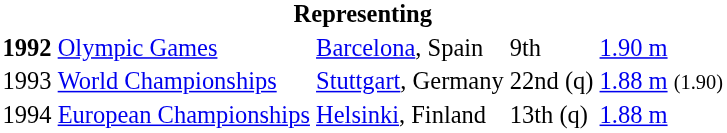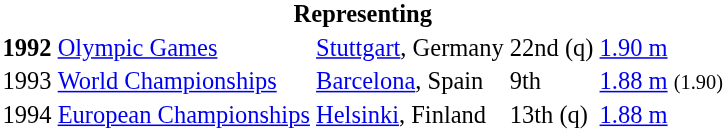 <table>
 <tr>
 <th colspan="6">Representing </th>
 </tr>
 <tr>
 <td><strong>1992</strong></td>
 <td><a href='#'>Olympic Games</a></td>
-<td><a href='#'>Barcelona</a>, Spain</td>
-<td>9th</td>
+<td><a href='#'>Stuttgart</a>, Germany</td>
+<td>22nd (q)</td>
 <td><a href='#'>1.90 m</a></td>
 </tr>
 <tr>
 <td>1993</td>
 <td><a href='#'>World Championships</a></td>
-<td><a href='#'>Stuttgart</a>, Germany</td>
-<td>22nd (q)</td>
+<td><a href='#'>Barcelona</a>, Spain</td>
+<td>9th</td>
 <td><a href='#'>1.88 m</a> <small>(1.90)</small></td>
 </tr>
 <tr>
 <td>1994</td>
 <td><a href='#'>European Championships</a></td>
 <td><a href='#'>Helsinki</a>, Finland</td>
 <td>13th (q)</td>
 <td><a href='#'>1.88 m</a></td>
 </tr>
 </table>
